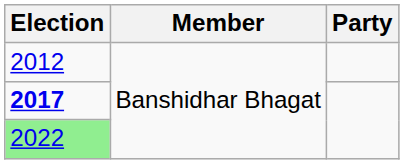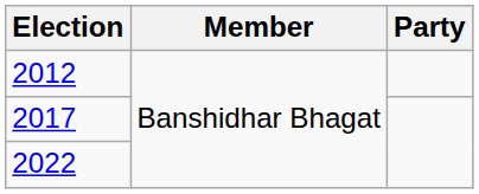 <table class="wikitable sortable">
 <tr>
 <th>Election</th>
 <th>Member</th>
 <th colspan=2>Party</th>
 </tr>
 <tr>
 <td><a href='#'>2012</a></td>
 <td rowspan=3>Banshidhar Bhagat</td>
 <td></td>
 </tr>
 <tr>
-<td><strong><a href='#'>2017</a></strong></td>
+<td><a href='#'>2017</a></td>
 </tr>
 <tr>
-<td style="background: lightgreen;"><a href='#'>2022</a></td>
+<td><a href='#'>2022</a></td>
 </tr>
 </table>
